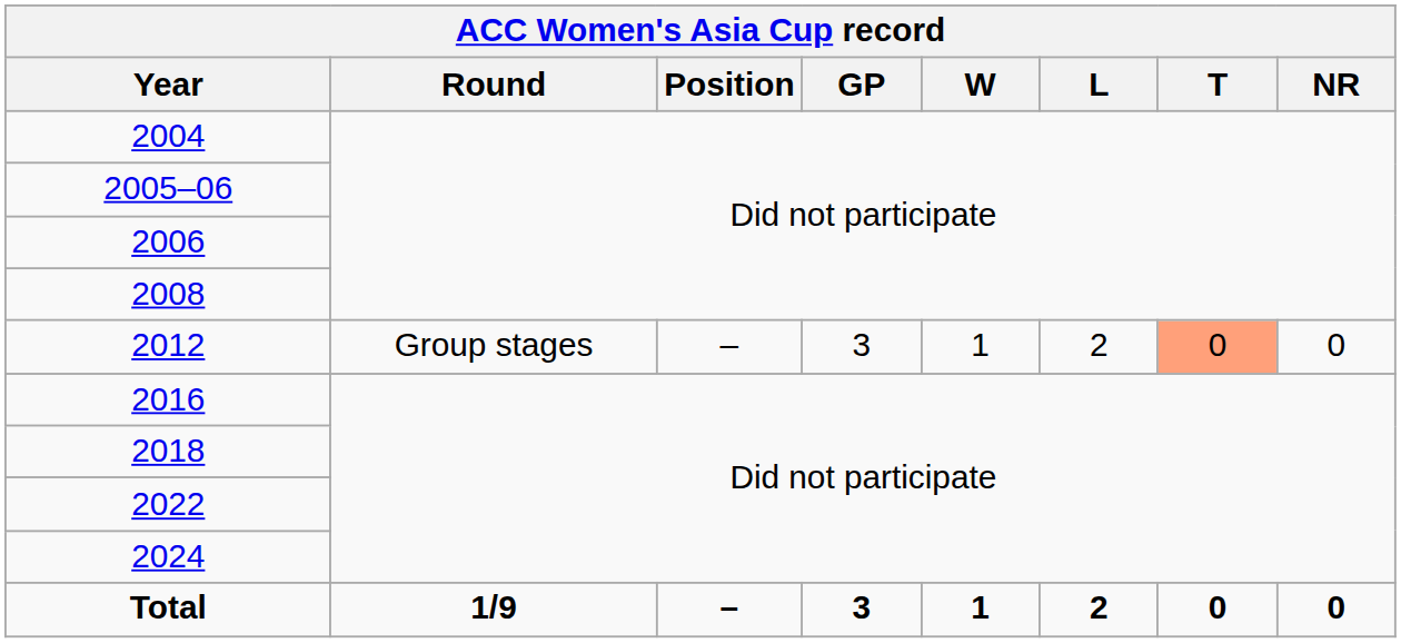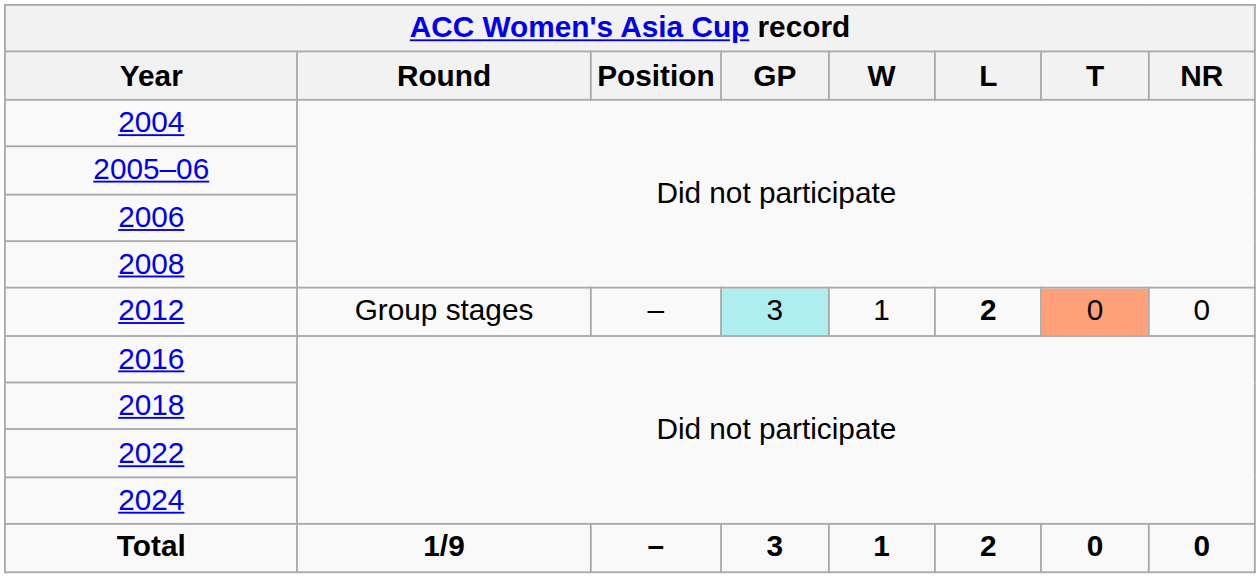 <table class="wikitable" style="text-align: center; width=900px;">
 <tr>
 <th colspan=9><a href='#'>ACC Women's Asia Cup</a> record</th>
 </tr>
 <tr>
 <th width=150>Year</th>
 <th width=150>Round</th>
 <th width=50>Position</th>
 <th width=50>GP</th>
 <th width=50>W</th>
 <th width=50>L</th>
 <th width=50>T</th>
 <th width=50>NR</th>
 </tr>
 <tr>
 <td> <a href='#'>2004</a></td>
 <td rowspan=4 colspan=8>Did not participate</td>
 </tr>
 <tr>
 <td> <a href='#'>2005–06</a></td>
 </tr>
 <tr>
 <td> <a href='#'>2006</a></td>
 </tr>
 <tr>
 <td> <a href='#'>2008</a></td>
 </tr>
 <tr>
 <td> <a href='#'>2012</a></td>
 <td>Group stages</td>
 <td>–</td>
-<td>3</td>
+<td style="background: paleturquoise;">3</td>
 <td>1</td>
-<td>2</td>
+<td><strong>2</strong></td>
 <td style="background: lightsalmon;">0</td>
 <td>0</td>
 </tr>
 <tr>
 <td> <a href='#'>2016</a></td>
 <td rowspan=4 colspan=8>Did not participate</td>
 </tr>
 <tr>
 <td> <a href='#'>2018</a></td>
 </tr>
 <tr>
 <td> <a href='#'>2022</a></td>
 </tr>
 <tr>
 <td> <a href='#'>2024</a></td>
 </tr>
 <tr>
 <td><strong>Total</strong></td>
 <td><strong>1/9</strong></td>
 <td><strong> –</strong></td>
 <td><strong>3</strong></td>
 <td><strong>1</strong></td>
 <td><strong>2</strong></td>
 <td><strong>0</strong></td>
 <td><strong>0</strong></td>
 </tr>
 </table>
